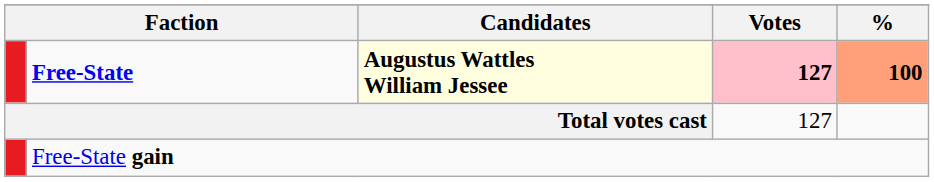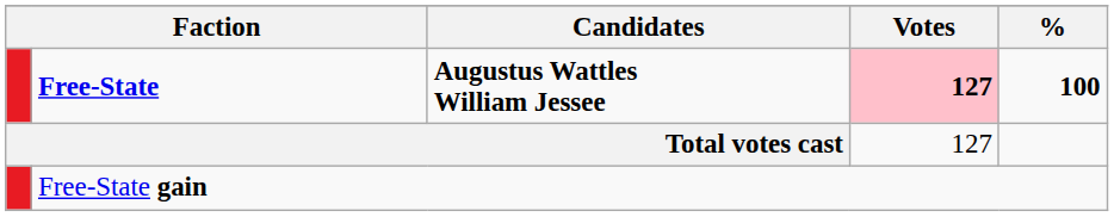 <table class="wikitable plainrowheaders" style="text-align:center;">
 <tr>
 </tr>
 <tr>
 <th scope="col" colspan="2" style="width: 15em">Faction</th>
 <th scope="col" style="width: 15em">Candidates</th>
 <th scope="col" style="width: 5em">Votes</th>
 <th scope="col" style="width: 3.5em">%</th>
 </tr>
 <tr>
 <td style="width: 0.5em; background-color:#E81B23"></td>
 <td style="text-align: left"><strong><a href='#'>Free-State</a></strong></td>
-<td style="background: lightyellow; text-align: left"><strong>Augustus Wattles</strong><br><strong>William Jessee</strong></td>
+<td style="text-align: left"><strong>Augustus Wattles</strong><br><strong>William Jessee</strong></td>
 <td style="background: pink; text-align: right; margin-right: 0.5em"><strong>127</strong></td>
-<td style="background: lightsalmon; text-align: right; margin-right: 0.5em"><strong>100</strong></td>
+<td style="text-align: right; margin-right: 0.5em"><strong>100</strong></td>
 </tr>
 <tr>
 <th colspan="3" style="text-align:right;">Total votes cast</th>
 <td style="text-align:right;">127</td>
 <td style="text-align:right;"></td>
 </tr>
 <tr>
 <td style="width: 0.5em; background-color:#E81B23"></td>
 <td colspan="4" style="text-align:left;"><a href='#'>Free-State</a> <strong>gain</strong></td>
 </tr>
 </table>
